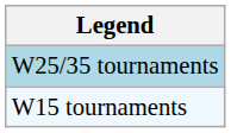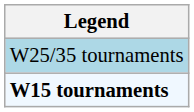 <table class=wikitable style="font-size:85%">
 <tr>
 <th>Legend</th>
 </tr>
 <tr style="background:lightblue;">
 <td>W25/35 tournaments</td>
 </tr>
 <tr style="background:#f0f8ff;">
-<td>W15 tournaments</td>
+<td><strong>W15 tournaments</strong></td>
 </tr>
 </table>
